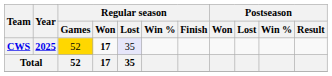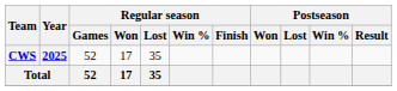 <table class="wikitable" style="font-size: 95%; text-align:center;">
 <tr>
 <th rowspan="2">Team</th>
 <th rowspan="2">Year</th>
 <th colspan="5">Regular season</th>
 <th colspan="4">Postseason</th>
 </tr>
 <tr>
 <th>Games</th>
 <th>Won</th>
 <th>Lost</th>
 <th>Win %</th>
 <th>Finish</th>
 <th>Won</th>
 <th>Lost</th>
 <th>Win %</th>
 <th>Result</th>
 </tr>
 <tr>
 <th><a href='#'>CWS</a></th>
 <th><a href='#'>2025</a></th>
-<td style="background: gold;">52</td>
-<td><strong>17</strong></td>
-<td style="background: lavender;">35</td>
+<td>52</td>
+<td>17</td>
+<td>35</td>
 <td></td>
 <td></td>
 <td></td>
 <td></td>
 <td></td>
 <td></td>
 </tr>
 <tr>
 <th colspan="2">Total</th>
 <th>52</th>
 <th>17</th>
 <th>35</th>
 <th></th>
 <th></th>
 <th></th>
 <th></th>
 <th></th>
 <th></th>
 </tr>
 <tr>
 </tr>
 </table>
